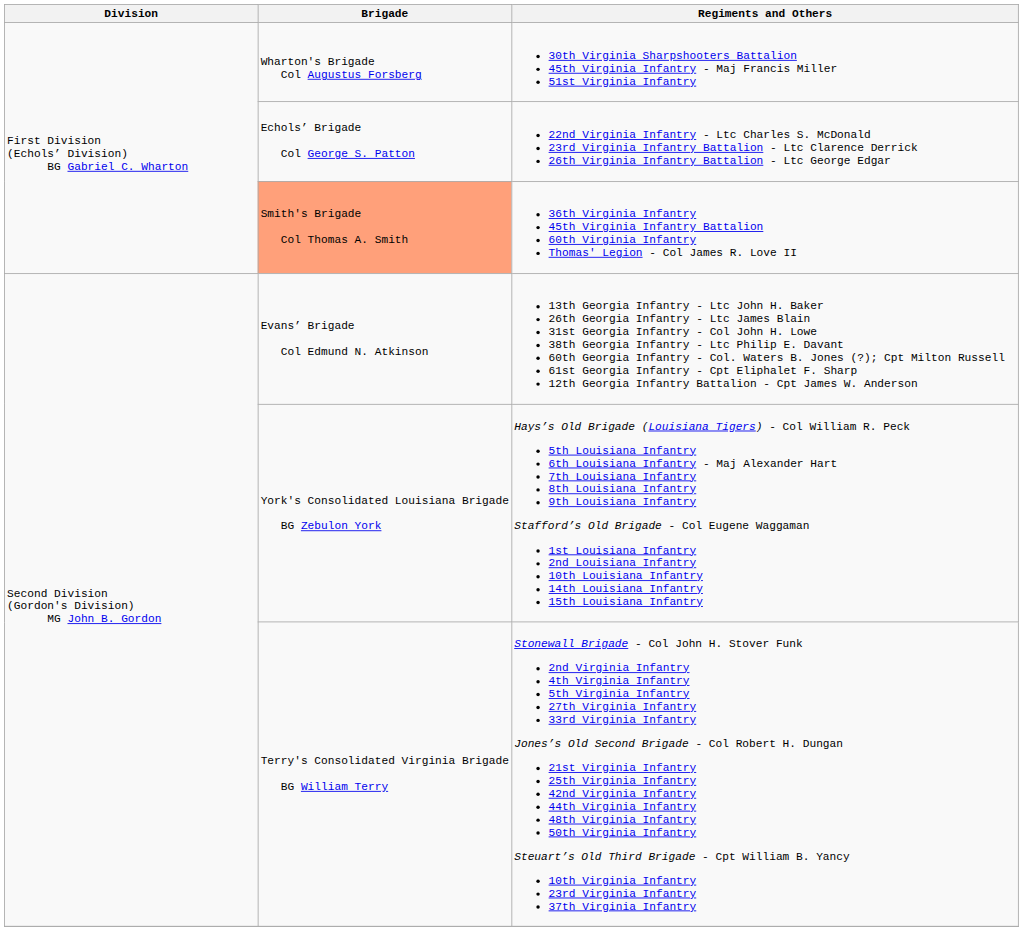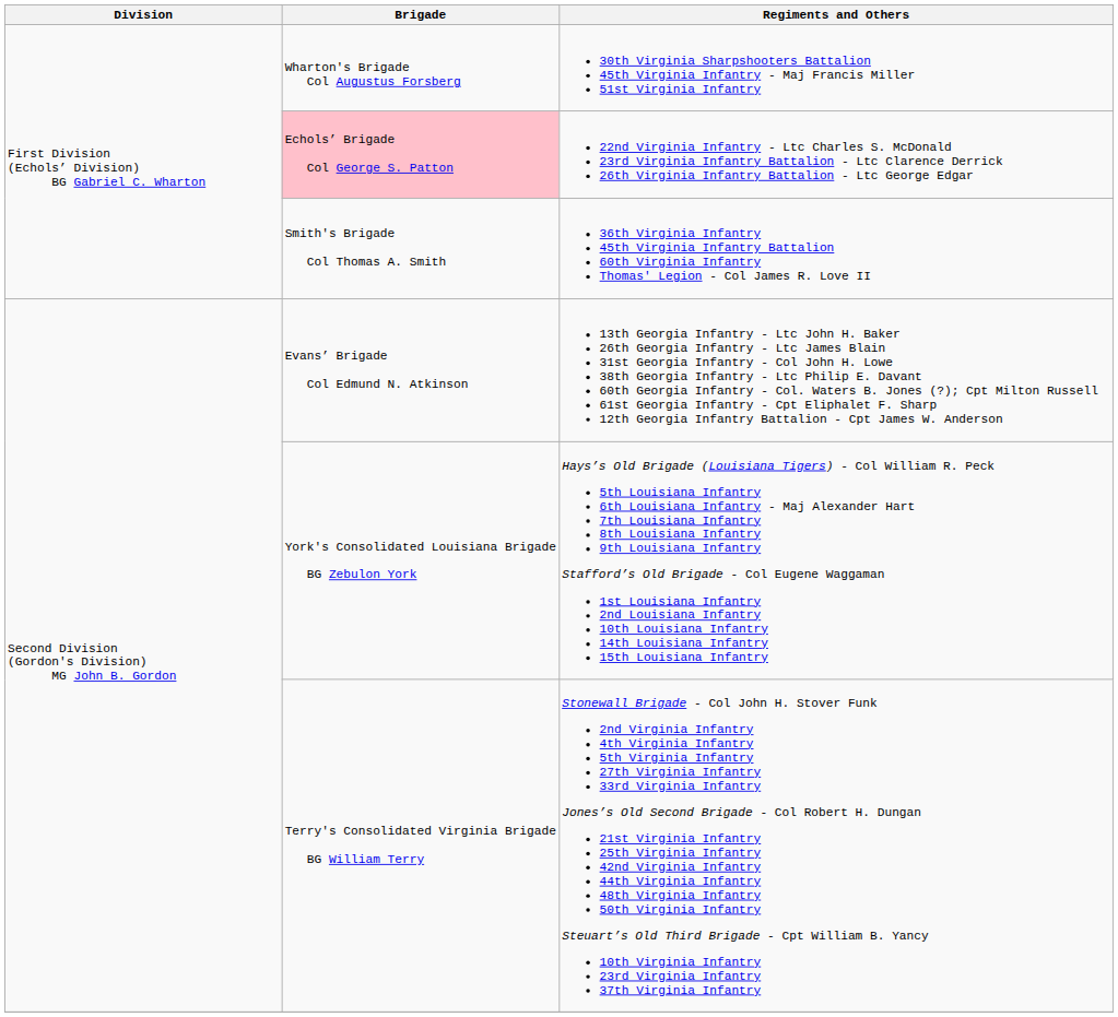 <table class="wikitable">
 <tr>
 <th width=25%>Division</th>
 <th width=25%>Brigade</th>
 <th>Regiments and Others</th>
 </tr>
 <tr>
 <td rowspan= 3><br>First Division <br>(Echols’ Division) <br>      BG <a href='#'>Gabriel C. Wharton</a></td>
 <td><br>Wharton's Brigade <br>   Col <a href='#'>Augustus Forsberg</a></td>
 <td><br><ul><li><a href='#'>30th Virginia Sharpshooters Battalion</a></li><li><a href='#'>45th Virginia Infantry</a> - Maj Francis Miller</li><li><a href='#'>51st Virginia Infantry</a></li></ul></td>
 </tr>
 <tr>
-<td>Echols’ Brigade<br><br>   Col <a href='#'>George S. Patton</a></td>
+<td style="background: pink;">Echols’ Brigade<br><br>   Col <a href='#'>George S. Patton</a></td>
 <td><br><ul><li><a href='#'>22nd Virginia Infantry</a> - Ltc Charles S. McDonald</li><li><a href='#'>23rd Virginia Infantry Battalion</a> - Ltc Clarence Derrick</li><li><a href='#'>26th Virginia Infantry Battalion</a> - Ltc George Edgar</li></ul></td>
 </tr>
 <tr>
-<td style="background: lightsalmon;">Smith's Brigade<br><br>   Col Thomas A. Smith</td>
+<td>Smith's Brigade<br><br>   Col Thomas A. Smith</td>
 <td><br><ul><li><a href='#'>36th Virginia Infantry</a></li><li><a href='#'>45th Virginia Infantry Battalion</a></li><li><a href='#'>60th Virginia Infantry</a></li><li><a href='#'>Thomas' Legion</a> - Col James R. Love II</li></ul></td>
 </tr>
 <tr>
 <td rowspan= 3><br>Second Division <br>(Gordon's Division) <br>      MG <a href='#'>John B. Gordon</a></td>
 <td>Evans’ Brigade<br><br>   Col Edmund N. Atkinson</td>
 <td><br><ul><li>13th Georgia Infantry - Ltc John H. Baker</li><li>26th Georgia Infantry - Ltc James Blain</li><li>31st Georgia Infantry - Col John H. Lowe</li><li>38th Georgia Infantry - Ltc Philip E. Davant </li><li>60th Georgia Infantry - Col. Waters B. Jones (?); Cpt Milton Russell</li><li>61st Georgia Infantry - Cpt Eliphalet F. Sharp </li><li>12th Georgia Infantry Battalion - Cpt James W. Anderson</li></ul></td>
 </tr>
 <tr>
 <td>York's Consolidated Louisiana Brigade<br><br>   BG <a href='#'>Zebulon York</a></td>
 <td><br><em>Hays’s Old Brigade (<a href='#'>Louisiana Tigers</a>) </em> - Col William R. Peck<ul><li><a href='#'>5th Louisiana Infantry</a></li><li><a href='#'>6th Louisiana Infantry</a> - Maj Alexander Hart</li><li><a href='#'>7th Louisiana Infantry</a></li><li><a href='#'>8th Louisiana Infantry</a></li><li><a href='#'>9th Louisiana Infantry</a></li></ul><em>Stafford’s Old Brigade</em> - Col Eugene Waggaman<ul><li><a href='#'>1st Louisiana Infantry</a></li><li><a href='#'>2nd Louisiana Infantry</a></li><li><a href='#'>10th Louisiana Infantry</a></li><li><a href='#'>14th Louisiana Infantry</a></li><li><a href='#'>15th Louisiana Infantry</a></li></ul></td>
 </tr>
 <tr>
 <td>Terry's Consolidated Virginia Brigade<br><br>   BG <a href='#'>William Terry</a></td>
 <td><br><em><a href='#'>Stonewall Brigade</a></em> - Col John H. Stover Funk<ul><li><a href='#'>2nd Virginia Infantry</a></li><li><a href='#'>4th Virginia Infantry</a></li><li><a href='#'>5th Virginia Infantry</a></li><li><a href='#'>27th Virginia Infantry</a></li><li><a href='#'>33rd Virginia Infantry</a></li></ul><em>Jones’s Old Second Brigade</em> - Col Robert H. Dungan<ul><li><a href='#'>21st Virginia Infantry</a></li><li><a href='#'>25th Virginia Infantry</a></li><li><a href='#'>42nd Virginia Infantry</a></li><li><a href='#'>44th Virginia Infantry</a></li><li><a href='#'>48th Virginia Infantry</a></li><li><a href='#'>50th Virginia Infantry</a></li></ul><em>Steuart’s Old Third Brigade</em> - Cpt William B. Yancy <ul><li><a href='#'>10th Virginia Infantry</a></li><li><a href='#'>23rd Virginia Infantry</a></li><li><a href='#'>37th Virginia Infantry</a></li></ul></td>
 </tr>
 <tr>
 </tr>
 </table>
